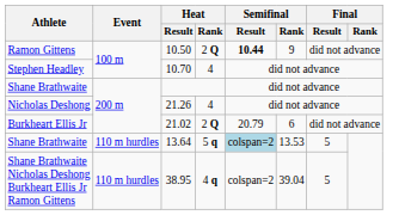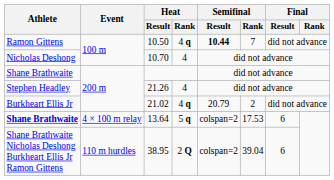 <table class="wikitable" style="font-size:90%">
 <tr>
 <th rowspan=2>Athlete</th>
 <th rowspan=2>Event</th>
 <th colspan=2>Heat</th>
 <th colspan=2>Semifinal</th>
 <th colspan=2>Final</th>
 </tr>
 <tr style="font-size:95%">
 <th>Result</th>
 <th>Rank</th>
 <th>Result</th>
 <th>Rank</th>
 <th>Result</th>
 <th>Rank</th>
 </tr>
 <tr align=center>
 <td align=left><a href='#'>Ramon Gittens</a></td>
 <td align=left rowspan=2><a href='#'>100 m</a></td>
 <td>10.50</td>
-<td>2 <strong>Q</strong></td>
+<td>4 <strong>q</strong></td>
 <td><strong>10.44</strong></td>
-<td>9</td>
+<td>7</td>
 <td colspan=2>did not advance</td>
 </tr>
 <tr align=center>
-<td align=left><a href='#'>Stephen Headley</a></td>
+<td align=left><a href='#'>Nicholas Deshong</a></td>
 <td>10.70</td>
 <td>4</td>
 <td colspan=4>did not advance</td>
 </tr>
 <tr align=center>
 <td align=left><a href='#'>Shane Brathwaite</a></td>
 <td align=left rowspan=3><a href='#'>200 m</a></td>
 <td colspan=2></td>
 <td colspan=4>did not advance</td>
 </tr>
 <tr align=center>
-<td align=left><a href='#'>Nicholas Deshong</a></td>
+<td align=left><a href='#'>Stephen Headley</a></td>
 <td>21.26</td>
 <td>4</td>
 <td colspan=4>did not advance</td>
 </tr>
 <tr align=center>
 <td align=left><a href='#'>Burkheart Ellis Jr</a></td>
 <td>21.02</td>
-<td>2 <strong>Q</strong></td>
+<td>4 <strong>q</strong></td>
 <td>20.79</td>
-<td>6</td>
+<td>2</td>
 <td colspan=2>did not advance</td>
 </tr>
 <tr align=center>
-<td align=left><a href='#'>Shane Brathwaite</a></td>
-<td align=left><a href='#'>110 m hurdles</a></td>
+<td align=left><strong><a href='#'>Shane Brathwaite</a></strong></td>
+<td align=left><a href='#'>4 × 100 m relay</a></td>
 <td>13.64</td>
 <td>5 <strong>q</strong></td>
-<td style="background: lightblue;">colspan=2 </td>
-<td>13.53</td>
-<td>5</td>
+<td>colspan=2 </td>
+<td>17.53</td>
+<td>6</td>
 </tr>
 <tr align=center>
 <td align=left><a href='#'>Shane Brathwaite</a><br><a href='#'>Nicholas Deshong</a><br><a href='#'>Burkheart Ellis Jr</a><br><a href='#'>Ramon Gittens</a></td>
 <td align=left><a href='#'>110 m hurdles</a></td>
 <td>38.95</td>
-<td>4 <strong>q</strong></td>
+<td>2 <strong>Q</strong></td>
 <td>colspan=2 </td>
 <td>39.04</td>
-<td>5</td>
+<td>6</td>
 </tr>
 </table>
